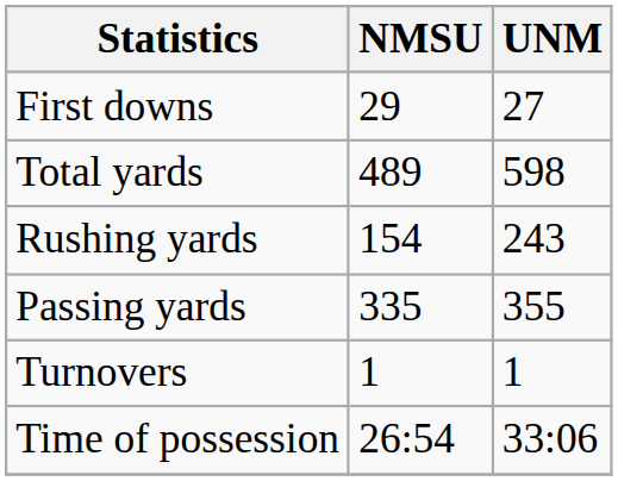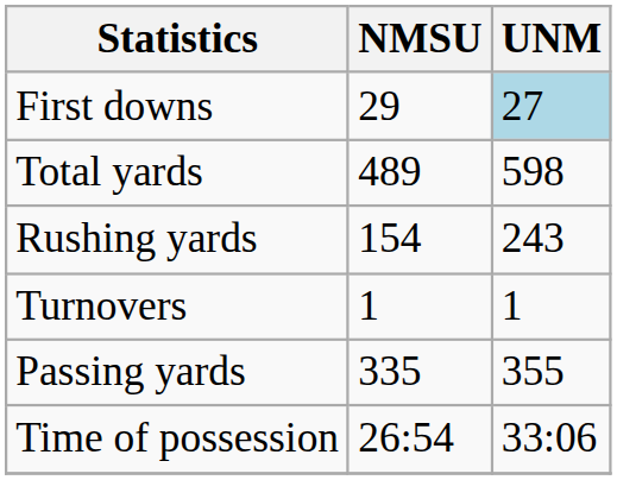 <table class="wikitable">
 <tr>
 <th>Statistics</th>
 <th>NMSU</th>
 <th>UNM</th>
 </tr>
 <tr>
 <td>First downs</td>
 <td>29</td>
-<td>27</td>
+<td style="background: lightblue;">27</td>
 </tr>
 <tr>
 <td>Total yards</td>
 <td>489</td>
 <td>598</td>
 </tr>
 <tr>
 <td>Rushing yards</td>
 <td>154</td>
 <td>243</td>
 </tr>
 <tr>
+<td>Turnovers</td>
+<td>1</td>
+<td>1</td>
+</tr>
+<tr>
 <td>Passing yards</td>
 <td>335</td>
 <td>355</td>
-</tr>
-<tr>
-<td>Turnovers</td>
-<td>1</td>
-<td>1</td>
 </tr>
 <tr>
 <td>Time of possession</td>
 <td>26:54</td>
 <td>33:06</td>
 </tr>
 <tr>
 </tr>
 </table>
